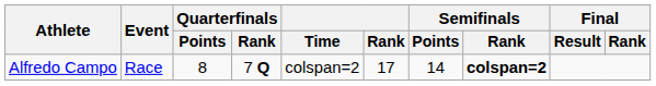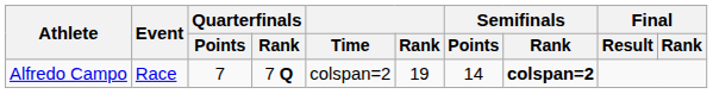 <table class=wikitable style=font-size:90%;text-align:center>
 <tr>
 <th rowspan=2>Athlete</th>
 <th rowspan=2>Event</th>
 <th colspan=2>Quarterfinals</th>
 <th colspan=2></th>
 <th colspan=2>Semifinals</th>
 <th colspan=2>Final</th>
 </tr>
 <tr style=font-size:95%>
 <th>Points</th>
 <th>Rank</th>
 <th>Time</th>
 <th>Rank</th>
 <th>Points</th>
 <th>Rank</th>
 <th>Result</th>
 <th>Rank</th>
 </tr>
 <tr>
 <td align=left><a href='#'>Alfredo Campo</a></td>
 <td align=left><a href='#'>Race</a></td>
-<td>8</td>
+<td>7</td>
 <td>7 <strong>Q</strong></td>
 <td>colspan=2 </td>
-<td>17</td>
+<td>19</td>
 <td>14</td>
 <td><strong>colspan=2 </strong></td>
 </tr>
 </table>
